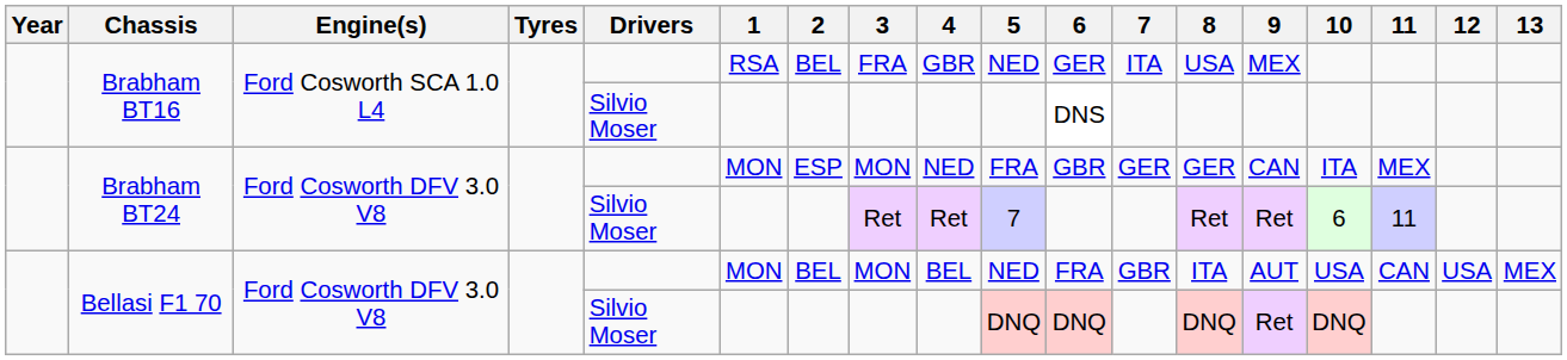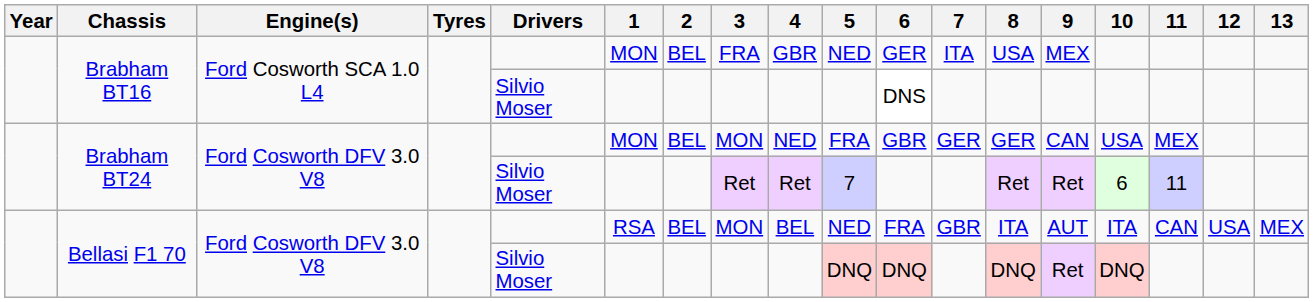 <table class="wikitable" style="text-align:center; font-size:85%">
 <tr>
 <th>Year</th>
 <th>Chassis</th>
 <th>Engine(s)</th>
 <th>Tyres</th>
 <th>Drivers</th>
 <th>1</th>
 <th>2</th>
 <th>3</th>
 <th>4</th>
 <th>5</th>
 <th>6</th>
 <th>7</th>
 <th>8</th>
 <th>9</th>
 <th>10</th>
 <th>11</th>
 <th>12</th>
 <th>13</th>
 </tr>
 <tr>
 <td rowspan="2"></td>
 <td rowspan="2"><a href='#'>Brabham</a> <a href='#'>BT16</a></td>
 <td rowspan="2"><a href='#'>Ford</a> Cosworth SCA 1.0 <a href='#'>L4</a></td>
 <td rowspan="2"></td>
 <td></td>
-<td><a href='#'>RSA</a></td>
+<td><a href='#'>MON</a></td>
 <td><a href='#'>BEL</a></td>
 <td><a href='#'>FRA</a></td>
 <td><a href='#'>GBR</a></td>
 <td><a href='#'>NED</a></td>
 <td><a href='#'>GER</a></td>
 <td><a href='#'>ITA</a></td>
 <td><a href='#'>USA</a></td>
 <td><a href='#'>MEX</a></td>
 <td></td>
 <td></td>
 <td></td>
 <td></td>
 </tr>
 <tr>
 <td align="left"> <a href='#'>Silvio Moser</a></td>
 <td></td>
 <td></td>
 <td></td>
 <td></td>
 <td></td>
 <td style="background:#ffffff;">DNS</td>
 <td></td>
 <td></td>
 <td></td>
 <td></td>
 <td></td>
 <td></td>
 <td></td>
 </tr>
 <tr>
 <td rowspan="2"></td>
 <td rowspan="2"><a href='#'>Brabham</a> <a href='#'>BT24</a></td>
 <td rowspan="2"><a href='#'>Ford</a> <a href='#'>Cosworth DFV</a> 3.0 <a href='#'>V8</a></td>
 <td rowspan="2"></td>
 <td></td>
 <td><a href='#'>MON</a></td>
-<td><a href='#'>ESP</a></td>
+<td><a href='#'>BEL</a></td>
 <td><a href='#'>MON</a></td>
 <td><a href='#'>NED</a></td>
 <td><a href='#'>FRA</a></td>
 <td><a href='#'>GBR</a></td>
 <td><a href='#'>GER</a></td>
 <td><a href='#'>GER</a></td>
 <td><a href='#'>CAN</a></td>
-<td><a href='#'>ITA</a></td>
+<td><a href='#'>USA</a></td>
 <td><a href='#'>MEX</a></td>
 <td></td>
 <td></td>
 </tr>
 <tr>
 <td align="left"> <a href='#'>Silvio Moser</a></td>
 <td></td>
 <td></td>
 <td style="background:#efcfff;">Ret</td>
 <td style="background:#efcfff;">Ret</td>
 <td style="background:#cfcfff;">7</td>
 <td></td>
 <td></td>
 <td style="background:#efcfff;">Ret</td>
 <td style="background:#efcfff;">Ret</td>
 <td style="background:#dfffdf;">6</td>
 <td style="background:#cfcfff;">11</td>
 <td></td>
 <td></td>
 </tr>
 <tr>
 <td rowspan="2"></td>
 <td rowspan="2"><a href='#'>Bellasi</a> <a href='#'>F1 70</a></td>
 <td rowspan="2"><a href='#'>Ford</a> <a href='#'>Cosworth DFV</a> 3.0 <a href='#'>V8</a></td>
 <td rowspan="2"></td>
 <td></td>
-<td><a href='#'>MON</a></td>
+<td><a href='#'>RSA</a></td>
 <td><a href='#'>BEL</a></td>
 <td><a href='#'>MON</a></td>
 <td><a href='#'>BEL</a></td>
 <td><a href='#'>NED</a></td>
 <td><a href='#'>FRA</a></td>
 <td><a href='#'>GBR</a></td>
 <td><a href='#'>ITA</a></td>
 <td><a href='#'>AUT</a></td>
-<td><a href='#'>USA</a></td>
+<td><a href='#'>ITA</a></td>
 <td><a href='#'>CAN</a></td>
 <td><a href='#'>USA</a></td>
 <td><a href='#'>MEX</a></td>
 </tr>
 <tr>
 <td align="left"> <a href='#'>Silvio Moser</a></td>
 <td></td>
 <td></td>
 <td></td>
 <td></td>
 <td style="background:#ffcfcf;">DNQ</td>
 <td style="background:#ffcfcf;">DNQ</td>
 <td></td>
 <td style="background:#ffcfcf;">DNQ</td>
 <td style="background:#efcfff;">Ret</td>
 <td style="background:#ffcfcf;">DNQ</td>
 <td></td>
 <td></td>
 <td></td>
 </tr>
 </table>
